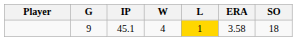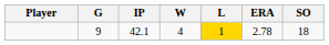 <table class="wikitable sortable">
 <tr>
 <th bgcolor="#DDDDFF" width="16%">Player</th>
 <th bgcolor="#DDDDFF" width="9%">G</th>
 <th bgcolor="#DDDDFF" width="9%">IP</th>
 <th bgcolor="#DDDDFF" width="9%">W</th>
 <th bgcolor="#DDDDFF" width="9%">L</th>
 <th bgcolor="#DDDDFF" width="9%">ERA</th>
 <th bgcolor="#DDDDFF" width="9%">SO</th>
 </tr>
 <tr align="center">
 <td></td>
 <td>9</td>
-<td>45.1</td>
+<td>42.1</td>
 <td>4</td>
 <td style="background: gold;">1</td>
-<td>3.58</td>
+<td>2.78</td>
 <td>18</td>
 </tr>
 </table>
